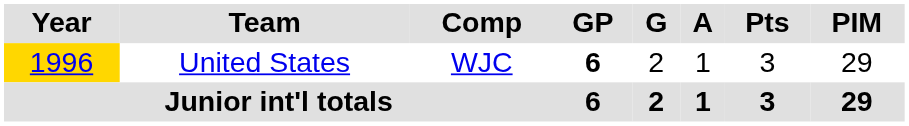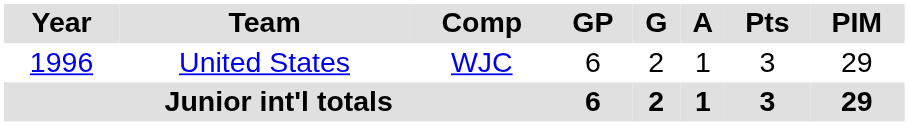 <table BORDER="0" CELLPADDING="2" CELLSPACING="0" width=40%>
 <tr ALIGN="center" bgcolor="#e0e0e0">
 <th>Year</th>
 <th>Team</th>
 <th>Comp</th>
 <th>GP</th>
 <th>G</th>
 <th>A</th>
 <th>Pts</th>
 <th>PIM</th>
 </tr>
 <tr ALIGN="center">
-<td style="background: gold;"><a href='#'>1996</a></td>
+<td><a href='#'>1996</a></td>
 <td><a href='#'>United States</a></td>
 <td><a href='#'>WJC</a></td>
-<td><strong>6</strong></td>
+<td>6</td>
 <td>2</td>
 <td>1</td>
 <td>3</td>
 <td>29</td>
 </tr>
 <tr bgcolor="#e0e0e0">
 <th colspan="3">Junior int'l totals</th>
 <th>6</th>
 <th>2</th>
 <th>1</th>
 <th>3</th>
 <th>29</th>
 </tr>
 </table>
